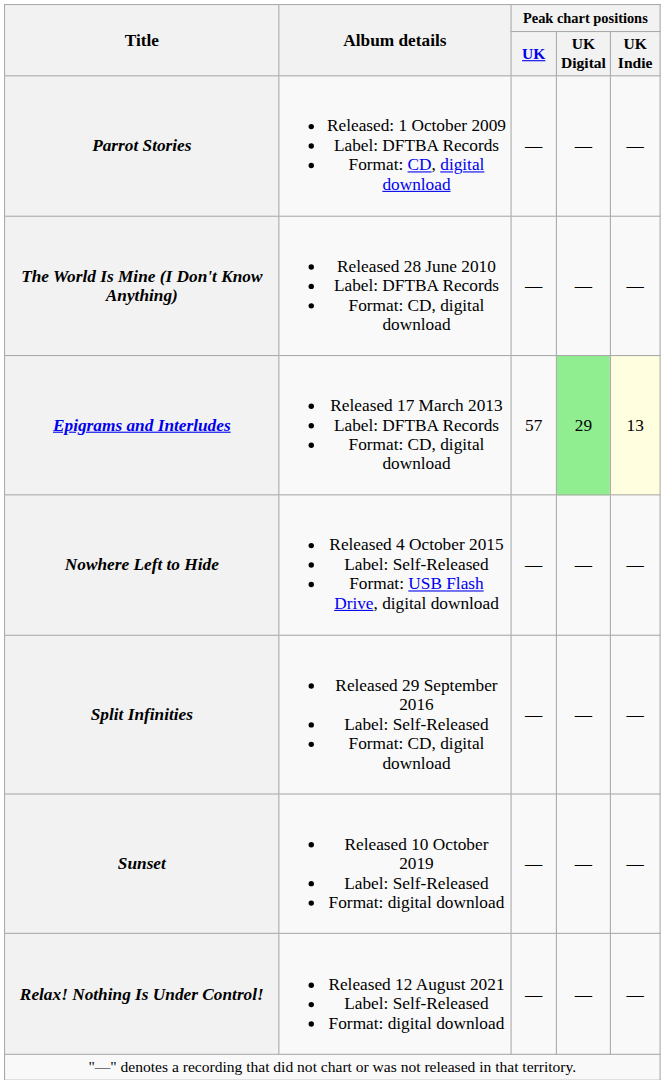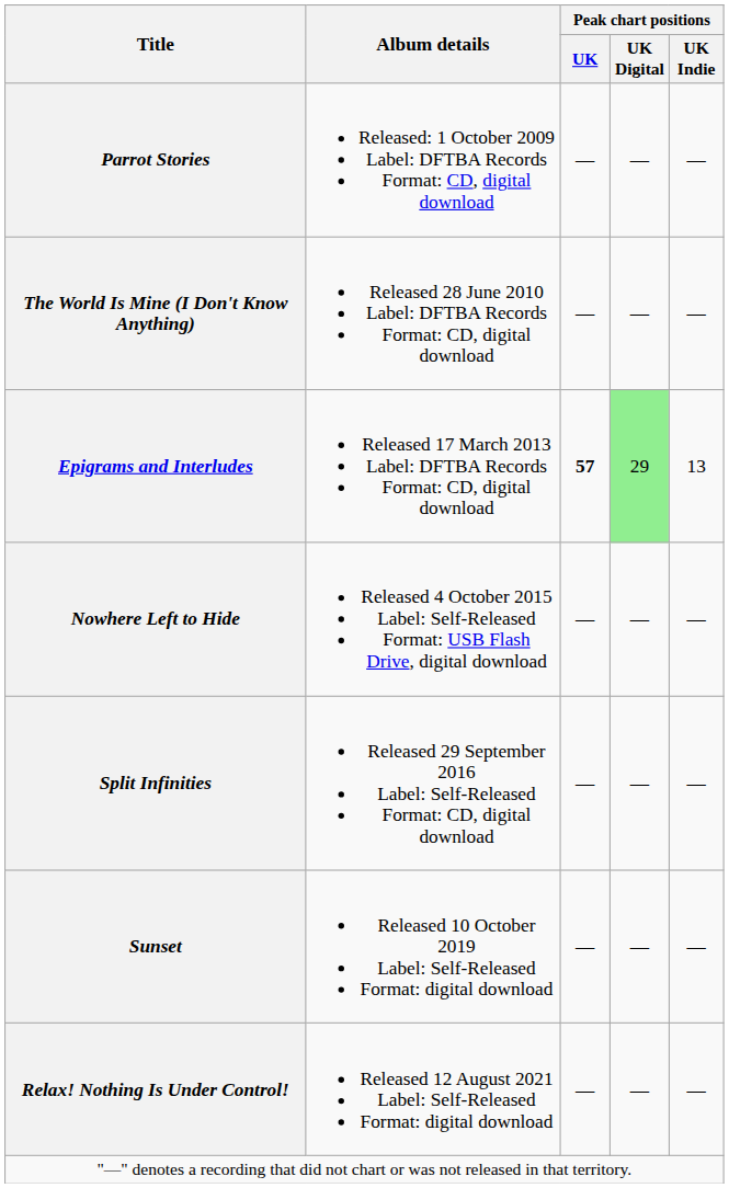 <table class="wikitable plainrowheaders" style="text-align:center;">
 <tr>
 <th scope="col" rowspan="2" style="width:21em;">Title</th>
 <th scope="col" rowspan="2" style="width:16em;">Album details</th>
 <th scope="col" colspan="3"><small>Peak chart positions</small></th>
 </tr>
 <tr>
 <th scope="col" style="width:3em;font-size:90%;"><a href='#'>UK</a><br></th>
 <th scope="col" style="width:3em;font-size:90%;">UK<br>Digital<br></th>
 <th scope="col" style="width:3em;font-size:90%;">UK<br>Indie<br></th>
 </tr>
 <tr>
 <th scope="row"><em>Parrot Stories</em></th>
 <td><br><ul><li>Released: 1 October 2009</li><li>Label: DFTBA Records</li><li>Format: <a href='#'>CD</a>, <a href='#'>digital download</a></li></ul></td>
 <td>—</td>
 <td>—</td>
 <td>—</td>
 </tr>
 <tr>
 <th scope="row"><em>The World Is Mine (I Don't Know Anything)</em></th>
 <td><br><ul><li>Released 28 June 2010</li><li>Label: DFTBA Records</li><li>Format: CD, digital download</li></ul></td>
 <td>—</td>
 <td>—</td>
 <td>—</td>
 </tr>
 <tr>
 <th scope="row"><em><a href='#'>Epigrams and Interludes</a></em></th>
 <td><br><ul><li>Released 17 March 2013</li><li>Label: DFTBA Records</li><li>Format: CD, digital download</li></ul></td>
-<td>57</td>
+<td><strong>57</strong></td>
 <td style="background: lightgreen;">29</td>
-<td style="background: lightyellow;">13</td>
+<td>13</td>
 </tr>
 <tr>
 <th scope="row"><em>Nowhere Left to Hide</em></th>
 <td><br><ul><li>Released 4 October 2015</li><li>Label: Self-Released</li><li>Format: <a href='#'>USB Flash Drive</a>, digital download</li></ul></td>
 <td>—</td>
 <td>—</td>
 <td>—</td>
 </tr>
 <tr>
 <th scope="row"><em>Split Infinities</em></th>
 <td><br><ul><li>Released 29 September 2016</li><li>Label: Self-Released</li><li>Format: CD, digital download</li></ul></td>
 <td>—</td>
 <td>—</td>
 <td>—</td>
 </tr>
 <tr>
 <th scope="row"><em>Sunset</em></th>
 <td><br><ul><li>Released 10 October 2019</li><li>Label: Self-Released</li><li>Format: digital download</li></ul></td>
 <td>—</td>
 <td>—</td>
 <td>—</td>
 </tr>
 <tr>
 <th scope="row"><em>Relax! Nothing Is Under Control!</em></th>
 <td><br><ul><li>Released 12 August 2021</li><li>Label: Self-Released</li><li>Format: digital download</li></ul></td>
 <td>—</td>
 <td>—</td>
 <td>—</td>
 </tr>
 <tr>
 <td colspan="8" style="font-size:90%">"—" denotes a recording that did not chart or was not released in that territory.</td>
 </tr>
 </table>
